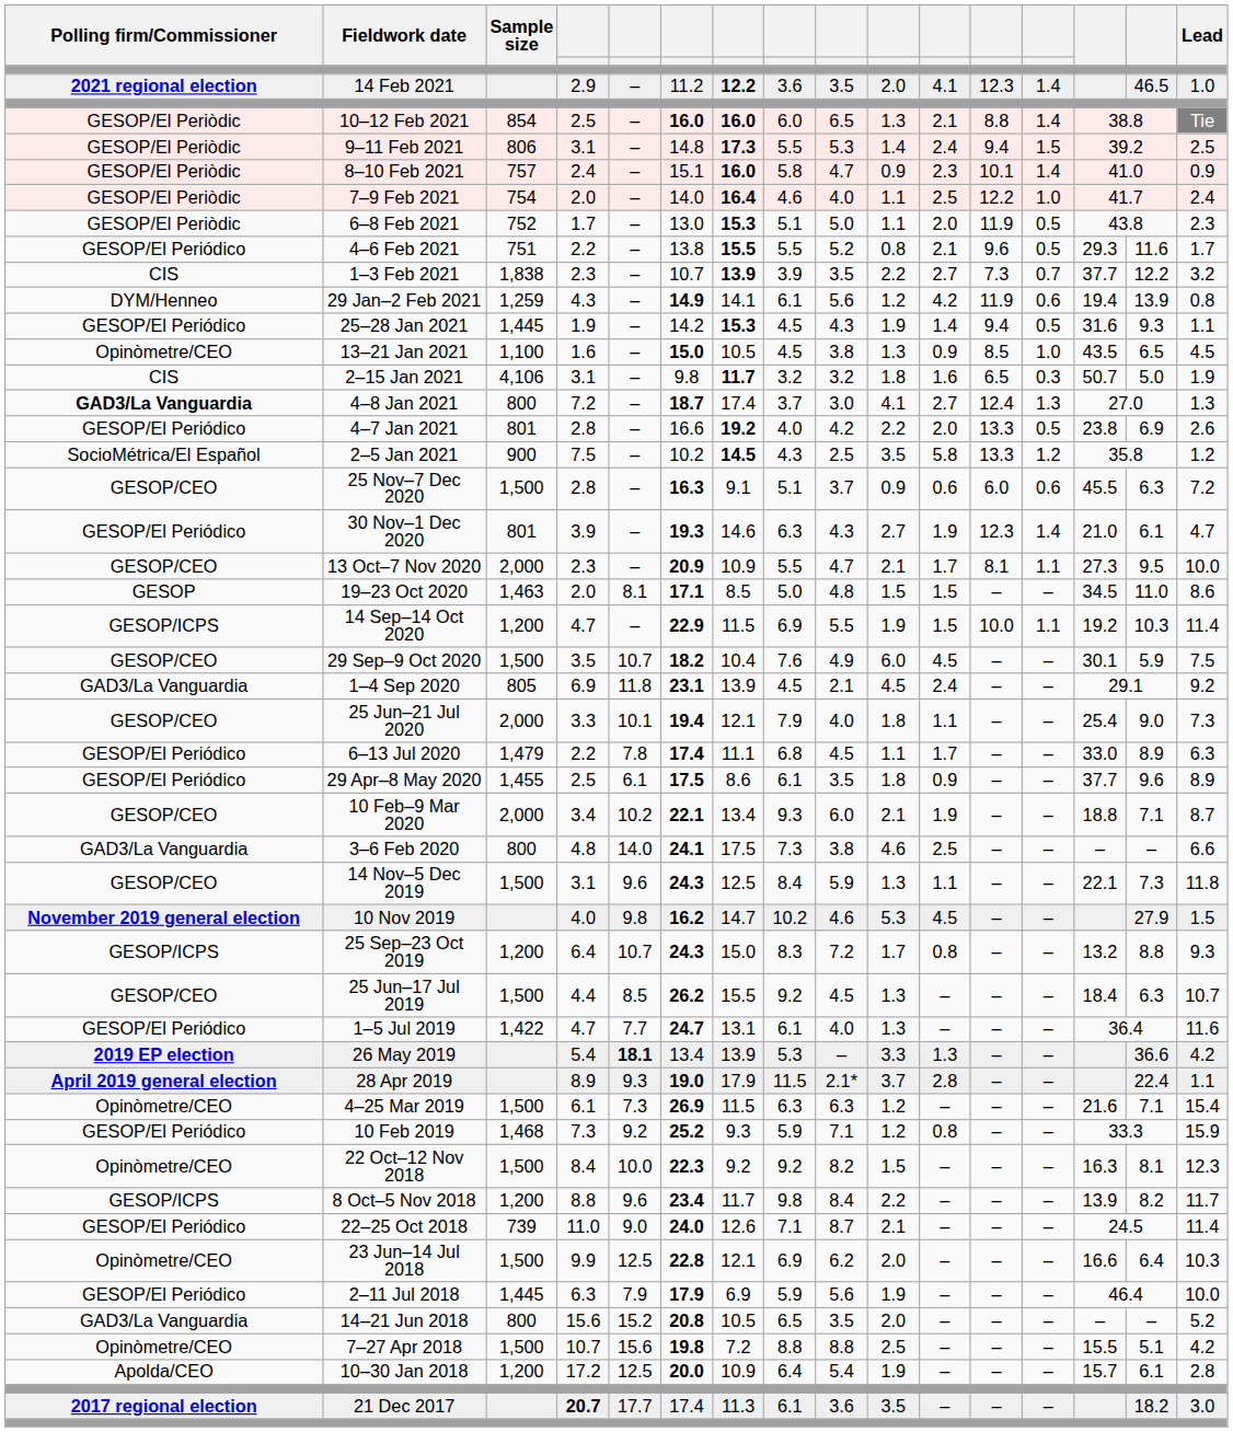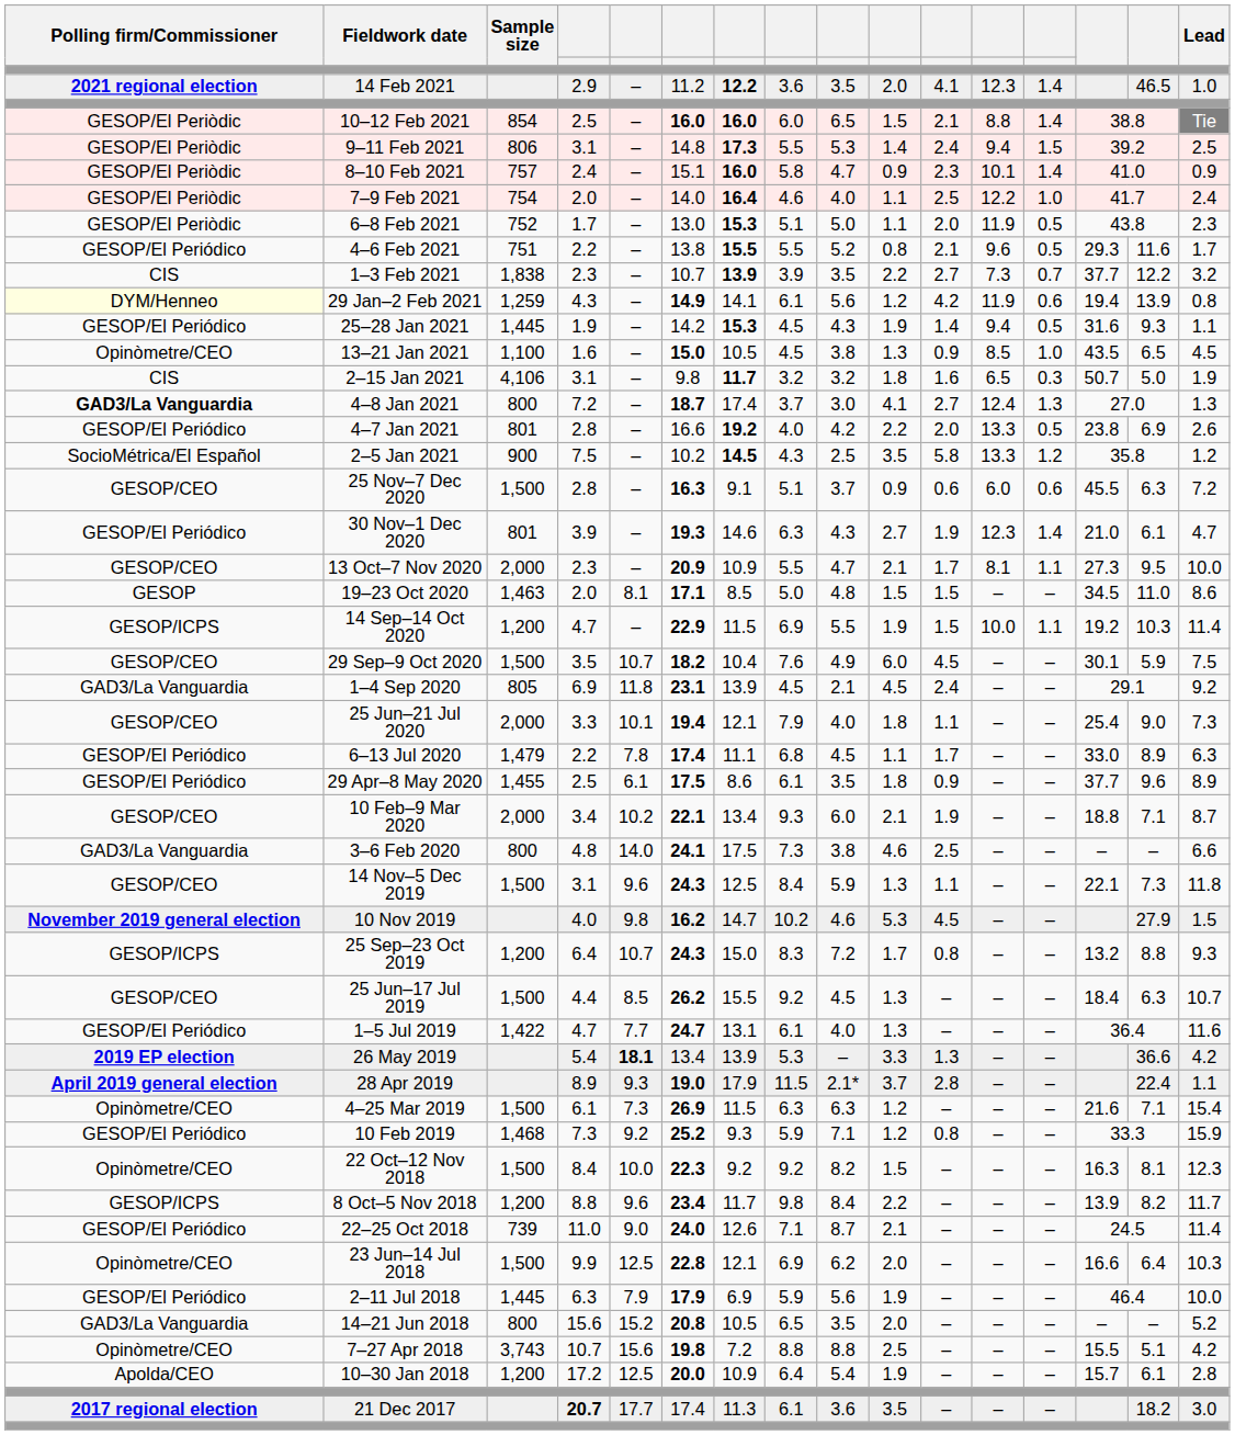 <table class="wikitable collapsible collapsed" style="text-align:center; font-size:90%; line-height:14px;">
 <tr style="height:42px;">
 <th style="width:250px;" rowspan="2">Polling firm/Commissioner</th>
 <th style="width:125px;" rowspan="2">Fieldwork date</th>
 <th style="width:50px;" rowspan="2">Sample size</th>
 <th style="width:35px;"></th>
 <th style="width:35px;"></th>
 <th style="width:35px;"></th>
 <th style="width:35px;"></th>
 <th style="width:35px;"></th>
 <th style="width:35px;"></th>
 <th style="width:35px;"></th>
 <th style="width:35px;"></th>
 <th style="width:35px;"></th>
 <th style="width:35px;"></th>
 <th style="width:35px;" rowspan="2"></th>
 <th style="width:35px;" rowspan="2"></th>
 <th style="width:30px;" rowspan="2">Lead</th>
 </tr>
 <tr>
 <th style="color:inherit;background:"></th>
 <th style="color:inherit;background:"></th>
 <th style="color:inherit;background:"></th>
 <th style="color:inherit;background:"></th>
 <th style="color:inherit;background:"></th>
 <th style="color:inherit;background:"></th>
 <th style="color:inherit;background:"></th>
 <th style="color:inherit;background:"></th>
 <th style="color:inherit;background:"></th>
 <th style="color:inherit;background:"></th>
 </tr>
 <tr>
 <td colspan="16" style="background:#A0A0A0"></td>
 </tr>
 <tr style="background:#EFEFEF;">
 <td><strong><a href='#'>2021 regional election</a></strong></td>
 <td>14 Feb 2021</td>
 <td></td>
 <td>2.9</td>
 <td>–</td>
 <td>11.2</td>
 <td><strong>12.2</strong></td>
 <td>3.6</td>
 <td>3.5</td>
 <td>2.0</td>
 <td>4.1</td>
 <td>12.3</td>
 <td>1.4</td>
 <td></td>
 <td>46.5</td>
 <td style="background:">1.0</td>
 </tr>
 <tr>
 <td colspan="16" style="background:#A0A0A0"></td>
 </tr>
 <tr style="background:#FFEAEA;">
 <td>GESOP/El Periòdic</td>
 <td>10–12 Feb 2021</td>
 <td>854</td>
 <td>2.5</td>
 <td>–</td>
 <td><strong>16.0</strong></td>
 <td><strong>16.0</strong></td>
 <td>6.0</td>
 <td>6.5</td>
-<td>1.3</td>
+<td>1.5</td>
 <td>2.1</td>
 <td>8.8</td>
 <td>1.4</td>
 <td colspan="2">38.8</td>
 <td style="background:gray; color:white;">Tie</td>
 </tr>
 <tr style="background:#FFEAEA;">
 <td>GESOP/El Periòdic</td>
 <td>9–11 Feb 2021</td>
 <td>806</td>
 <td>3.1</td>
 <td>–</td>
 <td>14.8</td>
 <td><strong>17.3</strong></td>
 <td>5.5</td>
 <td>5.3</td>
 <td>1.4</td>
 <td>2.4</td>
 <td>9.4</td>
 <td>1.5</td>
 <td colspan="2">39.2</td>
 <td style="background:">2.5</td>
 </tr>
 <tr style="background:#FFEAEA;">
 <td>GESOP/El Periòdic</td>
 <td>8–10 Feb 2021</td>
 <td>757</td>
 <td>2.4</td>
 <td>–</td>
 <td>15.1</td>
 <td><strong>16.0</strong></td>
 <td>5.8</td>
 <td>4.7</td>
 <td>0.9</td>
 <td>2.3</td>
 <td>10.1</td>
 <td>1.4</td>
 <td colspan="2">41.0</td>
 <td style="background:">0.9</td>
 </tr>
 <tr style="background:#FFEAEA;">
 <td>GESOP/El Periòdic</td>
 <td>7–9 Feb 2021</td>
 <td>754</td>
 <td>2.0</td>
 <td>–</td>
 <td>14.0</td>
 <td><strong>16.4</strong></td>
 <td>4.6</td>
 <td>4.0</td>
 <td>1.1</td>
 <td>2.5</td>
 <td>12.2</td>
 <td>1.0</td>
 <td colspan="2">41.7</td>
 <td style="background:">2.4</td>
 </tr>
 <tr>
 <td>GESOP/El Periòdic</td>
 <td>6–8 Feb 2021</td>
 <td>752</td>
 <td>1.7</td>
 <td>–</td>
 <td>13.0</td>
 <td><strong>15.3</strong></td>
 <td>5.1</td>
 <td>5.0</td>
 <td>1.1</td>
 <td>2.0</td>
 <td>11.9</td>
 <td>0.5</td>
 <td colspan="2">43.8</td>
 <td style="background:">2.3</td>
 </tr>
 <tr>
 <td>GESOP/El Periódico</td>
 <td>4–6 Feb 2021</td>
 <td>751</td>
 <td>2.2</td>
 <td>–</td>
 <td>13.8</td>
 <td><strong>15.5</strong></td>
 <td>5.5</td>
 <td>5.2</td>
 <td>0.8</td>
 <td>2.1</td>
 <td>9.6</td>
 <td>0.5</td>
 <td>29.3</td>
 <td>11.6</td>
 <td style="background:">1.7</td>
 </tr>
 <tr>
 <td>CIS</td>
 <td>1–3 Feb 2021</td>
 <td>1,838</td>
 <td>2.3</td>
 <td>–</td>
 <td>10.7</td>
 <td><strong>13.9</strong></td>
 <td>3.9</td>
 <td>3.5</td>
 <td>2.2</td>
 <td>2.7</td>
 <td>7.3</td>
 <td>0.7</td>
 <td>37.7</td>
 <td>12.2</td>
 <td style="background:">3.2</td>
 </tr>
 <tr>
-<td>DYM/Henneo</td>
+<td style="background: lightyellow;">DYM/Henneo</td>
 <td>29 Jan–2 Feb 2021</td>
 <td>1,259</td>
 <td>4.3</td>
 <td>–</td>
 <td><strong>14.9</strong></td>
 <td>14.1</td>
 <td>6.1</td>
 <td>5.6</td>
 <td>1.2</td>
 <td>4.2</td>
 <td>11.9</td>
 <td>0.6</td>
 <td>19.4</td>
 <td>13.9</td>
 <td style="background:">0.8</td>
 </tr>
 <tr>
 <td>GESOP/El Periódico</td>
 <td>25–28 Jan 2021</td>
 <td>1,445</td>
 <td>1.9</td>
 <td>–</td>
 <td>14.2</td>
 <td><strong>15.3</strong></td>
 <td>4.5</td>
 <td>4.3</td>
 <td>1.9</td>
 <td>1.4</td>
 <td>9.4</td>
 <td>0.5</td>
 <td>31.6</td>
 <td>9.3</td>
 <td style="background:">1.1</td>
 </tr>
 <tr>
 <td>Opinòmetre/CEO</td>
 <td>13–21 Jan 2021</td>
 <td>1,100</td>
 <td>1.6</td>
 <td>–</td>
 <td><strong>15.0</strong></td>
 <td>10.5</td>
 <td>4.5</td>
 <td>3.8</td>
 <td>1.3</td>
 <td>0.9</td>
 <td>8.5</td>
 <td>1.0</td>
 <td>43.5</td>
 <td>6.5</td>
 <td style="background:">4.5</td>
 </tr>
 <tr>
 <td>CIS</td>
 <td>2–15 Jan 2021</td>
 <td>4,106</td>
 <td>3.1</td>
 <td>–</td>
 <td>9.8</td>
 <td><strong>11.7</strong></td>
 <td>3.2</td>
 <td>3.2</td>
 <td>1.8</td>
 <td>1.6</td>
 <td>6.5</td>
 <td>0.3</td>
 <td>50.7</td>
 <td>5.0</td>
 <td style="background:">1.9</td>
 </tr>
 <tr>
 <td><strong>GAD3/La Vanguardia</strong></td>
 <td>4–8 Jan 2021</td>
 <td>800</td>
 <td>7.2</td>
 <td>–</td>
 <td><strong>18.7</strong></td>
 <td>17.4</td>
 <td>3.7</td>
 <td>3.0</td>
 <td>4.1</td>
 <td>2.7</td>
 <td>12.4</td>
 <td>1.3</td>
 <td colspan="2">27.0</td>
 <td style="background:">1.3</td>
 </tr>
 <tr>
 <td>GESOP/El Periódico</td>
 <td>4–7 Jan 2021</td>
 <td>801</td>
 <td>2.8</td>
 <td>–</td>
 <td>16.6</td>
 <td><strong>19.2</strong></td>
 <td>4.0</td>
 <td>4.2</td>
 <td>2.2</td>
 <td>2.0</td>
 <td>13.3</td>
 <td>0.5</td>
 <td>23.8</td>
 <td>6.9</td>
 <td style="background:">2.6</td>
 </tr>
 <tr>
 <td>SocioMétrica/El Español</td>
 <td>2–5 Jan 2021</td>
 <td>900</td>
 <td>7.5</td>
 <td>–</td>
 <td>10.2</td>
 <td><strong>14.5</strong></td>
 <td>4.3</td>
 <td>2.5</td>
 <td>3.5</td>
 <td>5.8</td>
 <td>13.3</td>
 <td>1.2</td>
 <td colspan="2">35.8</td>
 <td style="background:">1.2</td>
 </tr>
 <tr>
 <td>GESOP/CEO</td>
 <td>25 Nov–7 Dec 2020</td>
 <td>1,500</td>
 <td>2.8</td>
 <td>–</td>
 <td><strong>16.3</strong></td>
 <td>9.1</td>
 <td>5.1</td>
 <td>3.7</td>
 <td>0.9</td>
 <td>0.6</td>
 <td>6.0</td>
 <td>0.6</td>
 <td>45.5</td>
 <td>6.3</td>
 <td style="background:">7.2</td>
 </tr>
 <tr>
 <td>GESOP/El Periódico</td>
 <td>30 Nov–1 Dec 2020</td>
 <td>801</td>
 <td>3.9</td>
 <td>–</td>
 <td><strong>19.3</strong></td>
 <td>14.6</td>
 <td>6.3</td>
 <td>4.3</td>
 <td>2.7</td>
 <td>1.9</td>
 <td>12.3</td>
 <td>1.4</td>
 <td>21.0</td>
 <td>6.1</td>
 <td style="background:">4.7</td>
 </tr>
 <tr>
 <td>GESOP/CEO</td>
 <td>13 Oct–7 Nov 2020</td>
 <td>2,000</td>
 <td>2.3</td>
 <td>–</td>
 <td><strong>20.9</strong></td>
 <td>10.9</td>
 <td>5.5</td>
 <td>4.7</td>
 <td>2.1</td>
 <td>1.7</td>
 <td>8.1</td>
 <td>1.1</td>
 <td>27.3</td>
 <td>9.5</td>
 <td style="background:">10.0</td>
 </tr>
 <tr>
 <td>GESOP</td>
 <td>19–23 Oct 2020</td>
 <td>1,463</td>
 <td>2.0</td>
 <td>8.1</td>
 <td><strong>17.1</strong></td>
 <td>8.5</td>
 <td>5.0</td>
 <td>4.8</td>
 <td>1.5</td>
 <td>1.5</td>
 <td>–</td>
 <td>–</td>
 <td>34.5</td>
 <td>11.0</td>
 <td style="background:">8.6</td>
 </tr>
 <tr>
 <td>GESOP/ICPS</td>
 <td>14 Sep–14 Oct 2020</td>
 <td>1,200</td>
 <td>4.7</td>
 <td>–</td>
 <td><strong>22.9</strong></td>
 <td>11.5</td>
 <td>6.9</td>
 <td>5.5</td>
 <td>1.9</td>
 <td>1.5</td>
 <td>10.0</td>
 <td>1.1</td>
 <td>19.2</td>
 <td>10.3</td>
 <td style="background:">11.4</td>
 </tr>
 <tr>
 <td>GESOP/CEO</td>
 <td>29 Sep–9 Oct 2020</td>
 <td>1,500</td>
 <td>3.5</td>
 <td>10.7</td>
 <td><strong>18.2</strong></td>
 <td>10.4</td>
 <td>7.6</td>
 <td>4.9</td>
 <td>6.0</td>
 <td>4.5</td>
 <td>–</td>
 <td>–</td>
 <td>30.1</td>
 <td>5.9</td>
 <td style="background:">7.5</td>
 </tr>
 <tr>
 <td>GAD3/La Vanguardia</td>
 <td>1–4 Sep 2020</td>
 <td>805</td>
 <td>6.9</td>
 <td>11.8</td>
 <td><strong>23.1</strong></td>
 <td>13.9</td>
 <td>4.5</td>
 <td>2.1</td>
 <td>4.5</td>
 <td>2.4</td>
 <td>–</td>
 <td>–</td>
 <td colspan="2">29.1</td>
 <td style="background:">9.2</td>
 </tr>
 <tr>
 <td>GESOP/CEO</td>
 <td>25 Jun–21 Jul 2020</td>
 <td>2,000</td>
 <td>3.3</td>
 <td>10.1</td>
 <td><strong>19.4</strong></td>
 <td>12.1</td>
 <td>7.9</td>
 <td>4.0</td>
 <td>1.8</td>
 <td>1.1</td>
 <td>–</td>
 <td>–</td>
 <td>25.4</td>
 <td>9.0</td>
 <td style="background:">7.3</td>
 </tr>
 <tr>
 <td>GESOP/El Periódico</td>
 <td>6–13 Jul 2020</td>
 <td>1,479</td>
 <td>2.2</td>
 <td>7.8</td>
 <td><strong>17.4</strong></td>
 <td>11.1</td>
 <td>6.8</td>
 <td>4.5</td>
 <td>1.1</td>
 <td>1.7</td>
 <td>–</td>
 <td>–</td>
 <td>33.0</td>
 <td>8.9</td>
 <td style="background:">6.3</td>
 </tr>
 <tr>
 <td>GESOP/El Periódico</td>
 <td>29 Apr–8 May 2020</td>
 <td>1,455</td>
 <td>2.5</td>
 <td>6.1</td>
 <td><strong>17.5</strong></td>
 <td>8.6</td>
 <td>6.1</td>
 <td>3.5</td>
 <td>1.8</td>
 <td>0.9</td>
 <td>–</td>
 <td>–</td>
 <td>37.7</td>
 <td>9.6</td>
 <td style="background:">8.9</td>
 </tr>
 <tr>
 <td>GESOP/CEO</td>
 <td>10 Feb–9 Mar 2020</td>
 <td>2,000</td>
 <td>3.4</td>
 <td>10.2</td>
 <td><strong>22.1</strong></td>
 <td>13.4</td>
 <td>9.3</td>
 <td>6.0</td>
 <td>2.1</td>
 <td>1.9</td>
 <td>–</td>
 <td>–</td>
 <td>18.8</td>
 <td>7.1</td>
 <td style="background:">8.7</td>
 </tr>
 <tr>
 <td>GAD3/La Vanguardia</td>
 <td>3–6 Feb 2020</td>
 <td>800</td>
 <td>4.8</td>
 <td>14.0</td>
 <td><strong>24.1</strong></td>
 <td>17.5</td>
 <td>7.3</td>
 <td>3.8</td>
 <td>4.6</td>
 <td>2.5</td>
 <td>–</td>
 <td>–</td>
 <td>–</td>
 <td>–</td>
 <td style="background:">6.6</td>
 </tr>
 <tr>
 <td>GESOP/CEO</td>
 <td>14 Nov–5 Dec 2019</td>
 <td>1,500</td>
 <td>3.1</td>
 <td>9.6</td>
 <td><strong>24.3</strong></td>
 <td>12.5</td>
 <td>8.4</td>
 <td>5.9</td>
 <td>1.3</td>
 <td>1.1</td>
 <td>–</td>
 <td>–</td>
 <td>22.1</td>
 <td>7.3</td>
 <td style="background:">11.8</td>
 </tr>
 <tr style="background:#EFEFEF;">
 <td><strong><a href='#'>November 2019 general election</a></strong></td>
 <td>10 Nov 2019</td>
 <td></td>
 <td>4.0</td>
 <td>9.8</td>
 <td><strong>16.2</strong></td>
 <td>14.7</td>
 <td>10.2</td>
 <td>4.6</td>
 <td>5.3</td>
 <td>4.5</td>
 <td>–</td>
 <td>–</td>
 <td></td>
 <td>27.9</td>
 <td style="background:">1.5</td>
 </tr>
 <tr>
 <td>GESOP/ICPS</td>
 <td>25 Sep–23 Oct 2019</td>
 <td>1,200</td>
 <td>6.4</td>
 <td>10.7</td>
 <td><strong>24.3</strong></td>
 <td>15.0</td>
 <td>8.3</td>
 <td>7.2</td>
 <td>1.7</td>
 <td>0.8</td>
 <td>–</td>
 <td>–</td>
 <td>13.2</td>
 <td>8.8</td>
 <td style="background:">9.3</td>
 </tr>
 <tr>
 <td>GESOP/CEO</td>
 <td>25 Jun–17 Jul 2019</td>
 <td>1,500</td>
 <td>4.4</td>
 <td>8.5</td>
 <td><strong>26.2</strong></td>
 <td>15.5</td>
 <td>9.2</td>
 <td>4.5</td>
 <td>1.3</td>
 <td>–</td>
 <td>–</td>
 <td>–</td>
 <td>18.4</td>
 <td>6.3</td>
 <td style="background:">10.7</td>
 </tr>
 <tr>
 <td>GESOP/El Periódico</td>
 <td>1–5 Jul 2019</td>
 <td>1,422</td>
 <td>4.7</td>
 <td>7.7</td>
 <td><strong>24.7</strong></td>
 <td>13.1</td>
 <td>6.1</td>
 <td>4.0</td>
 <td>1.3</td>
 <td>–</td>
 <td>–</td>
 <td>–</td>
 <td colspan="2">36.4</td>
 <td style="background:">11.6</td>
 </tr>
 <tr style="background:#EFEFEF;">
 <td><strong><a href='#'>2019 EP election</a></strong></td>
 <td>26 May 2019</td>
 <td></td>
 <td>5.4</td>
 <td><strong>18.1</strong></td>
 <td>13.4</td>
 <td>13.9</td>
 <td>5.3</td>
 <td>–</td>
 <td>3.3</td>
 <td>1.3</td>
 <td>–</td>
 <td>–</td>
 <td></td>
 <td>36.6</td>
 <td style="background:">4.2</td>
 </tr>
 <tr style="background:#EFEFEF;">
 <td><strong><a href='#'>April 2019 general election</a></strong></td>
 <td>28 Apr 2019</td>
 <td></td>
 <td>8.9</td>
 <td>9.3</td>
 <td><strong>19.0</strong></td>
 <td>17.9</td>
 <td>11.5</td>
 <td>2.1*</td>
 <td>3.7</td>
 <td>2.8</td>
 <td>–</td>
 <td>–</td>
 <td></td>
 <td>22.4</td>
 <td style="background:">1.1</td>
 </tr>
 <tr>
 <td>Opinòmetre/CEO</td>
 <td>4–25 Mar 2019</td>
 <td>1,500</td>
 <td>6.1</td>
 <td>7.3</td>
 <td><strong>26.9</strong></td>
 <td>11.5</td>
 <td>6.3</td>
 <td>6.3</td>
 <td>1.2</td>
 <td>–</td>
 <td>–</td>
 <td>–</td>
 <td>21.6</td>
 <td>7.1</td>
 <td style="background:">15.4</td>
 </tr>
 <tr>
 <td>GESOP/El Periódico</td>
 <td>10 Feb 2019</td>
 <td>1,468</td>
 <td>7.3</td>
 <td>9.2</td>
 <td><strong>25.2</strong></td>
 <td>9.3</td>
 <td>5.9</td>
 <td>7.1</td>
 <td>1.2</td>
 <td>0.8</td>
 <td>–</td>
 <td>–</td>
 <td colspan="2">33.3</td>
 <td style="background:">15.9</td>
 </tr>
 <tr>
 <td>Opinòmetre/CEO</td>
 <td>22 Oct–12 Nov 2018</td>
 <td>1,500</td>
 <td>8.4</td>
 <td>10.0</td>
 <td><strong>22.3</strong></td>
 <td>9.2</td>
 <td>9.2</td>
 <td>8.2</td>
 <td>1.5</td>
 <td>–</td>
 <td>–</td>
 <td>–</td>
 <td>16.3</td>
 <td>8.1</td>
 <td style="background:">12.3</td>
 </tr>
 <tr>
 <td>GESOP/ICPS</td>
 <td>8 Oct–5 Nov 2018</td>
 <td>1,200</td>
 <td>8.8</td>
 <td>9.6</td>
 <td><strong>23.4</strong></td>
 <td>11.7</td>
 <td>9.8</td>
 <td>8.4</td>
 <td>2.2</td>
 <td>–</td>
 <td>–</td>
 <td>–</td>
 <td>13.9</td>
 <td>8.2</td>
 <td style="background:">11.7</td>
 </tr>
 <tr>
 <td>GESOP/El Periódico</td>
 <td>22–25 Oct 2018</td>
 <td>739</td>
 <td>11.0</td>
 <td>9.0</td>
 <td><strong>24.0</strong></td>
 <td>12.6</td>
 <td>7.1</td>
 <td>8.7</td>
 <td>2.1</td>
 <td>–</td>
 <td>–</td>
 <td>–</td>
 <td colspan="2">24.5</td>
 <td style="background:">11.4</td>
 </tr>
 <tr>
 <td>Opinòmetre/CEO</td>
 <td>23 Jun–14 Jul 2018</td>
 <td>1,500</td>
 <td>9.9</td>
 <td>12.5</td>
 <td><strong>22.8</strong></td>
 <td>12.1</td>
 <td>6.9</td>
 <td>6.2</td>
 <td>2.0</td>
 <td>–</td>
 <td>–</td>
 <td>–</td>
 <td>16.6</td>
 <td>6.4</td>
 <td style="background:">10.3</td>
 </tr>
 <tr>
 <td>GESOP/El Periódico</td>
 <td>2–11 Jul 2018</td>
 <td>1,445</td>
 <td>6.3</td>
 <td>7.9</td>
 <td><strong>17.9</strong></td>
 <td>6.9</td>
 <td>5.9</td>
 <td>5.6</td>
 <td>1.9</td>
 <td>–</td>
 <td>–</td>
 <td>–</td>
 <td colspan="2">46.4</td>
 <td style="background:">10.0</td>
 </tr>
 <tr>
 <td>GAD3/La Vanguardia</td>
 <td>14–21 Jun 2018</td>
 <td>800</td>
 <td>15.6</td>
 <td>15.2</td>
 <td><strong>20.8</strong></td>
 <td>10.5</td>
 <td>6.5</td>
 <td>3.5</td>
 <td>2.0</td>
 <td>–</td>
 <td>–</td>
 <td>–</td>
 <td>–</td>
 <td>–</td>
 <td style="background:">5.2</td>
 </tr>
 <tr>
 <td>Opinòmetre/CEO</td>
 <td>7–27 Apr 2018</td>
-<td>1,500</td>
+<td>3,743</td>
 <td>10.7</td>
 <td>15.6</td>
 <td><strong>19.8</strong></td>
 <td>7.2</td>
 <td>8.8</td>
 <td>8.8</td>
 <td>2.5</td>
 <td>–</td>
 <td>–</td>
 <td>–</td>
 <td>15.5</td>
 <td>5.1</td>
 <td style="background:">4.2</td>
 </tr>
 <tr>
 <td>Apolda/CEO</td>
 <td>10–30 Jan 2018</td>
 <td>1,200</td>
 <td>17.2</td>
 <td>12.5</td>
 <td><strong>20.0</strong></td>
 <td>10.9</td>
 <td>6.4</td>
 <td>5.4</td>
 <td>1.9</td>
 <td>–</td>
 <td>–</td>
 <td>–</td>
 <td>15.7</td>
 <td>6.1</td>
 <td style="background:">2.8</td>
 </tr>
 <tr>
 <td colspan="16" style="background:#A0A0A0"></td>
 </tr>
 <tr style="background:#EFEFEF;">
 <td><strong><a href='#'>2017 regional election</a></strong></td>
 <td>21 Dec 2017</td>
 <td></td>
 <td><strong>20.7</strong></td>
 <td>17.7</td>
 <td>17.4</td>
 <td>11.3</td>
 <td>6.1</td>
 <td>3.6</td>
 <td>3.5</td>
 <td>–</td>
 <td>–</td>
 <td>–</td>
 <td></td>
 <td>18.2</td>
 <td style="background:">3.0</td>
 </tr>
 <tr>
 <td colspan="16" style="background:#A0A0A0"></td>
 </tr>
 </table>
